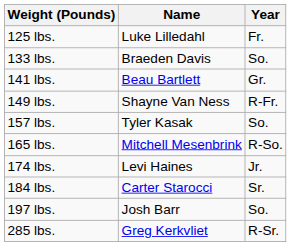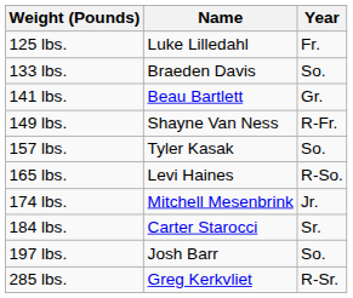 <table class="wikitable">
 <tr>
 <th>Weight (Pounds)</th>
 <th>Name</th>
 <th>Year</th>
 </tr>
 <tr>
 <td>125 lbs.</td>
 <td>Luke Lilledahl</td>
 <td>Fr.</td>
 </tr>
 <tr>
 <td>133 lbs.</td>
 <td>Braeden Davis</td>
 <td>So.</td>
 </tr>
 <tr>
 <td>141 lbs.</td>
 <td><a href='#'>Beau Bartlett</a></td>
 <td>Gr.</td>
 </tr>
 <tr>
 <td>149 lbs.</td>
 <td>Shayne Van Ness</td>
 <td>R-Fr.</td>
 </tr>
 <tr>
 <td>157 lbs.</td>
 <td>Tyler Kasak</td>
 <td>So.</td>
 </tr>
 <tr>
 <td>165 lbs.</td>
-<td><a href='#'>Mitchell Mesenbrink</a></td>
+<td>Levi Haines</td>
 <td>R-So.</td>
 </tr>
 <tr>
 <td>174 lbs.</td>
-<td>Levi Haines</td>
+<td><a href='#'>Mitchell Mesenbrink</a></td>
 <td>Jr.</td>
 </tr>
 <tr>
 <td>184 lbs.</td>
 <td><a href='#'>Carter Starocci</a></td>
 <td>Sr.</td>
 </tr>
 <tr>
 <td>197 lbs.</td>
 <td>Josh Barr</td>
 <td>So.</td>
 </tr>
 <tr>
 <td>285 lbs.</td>
 <td><a href='#'>Greg Kerkvliet</a></td>
 <td>R-Sr.</td>
 </tr>
 </table>
